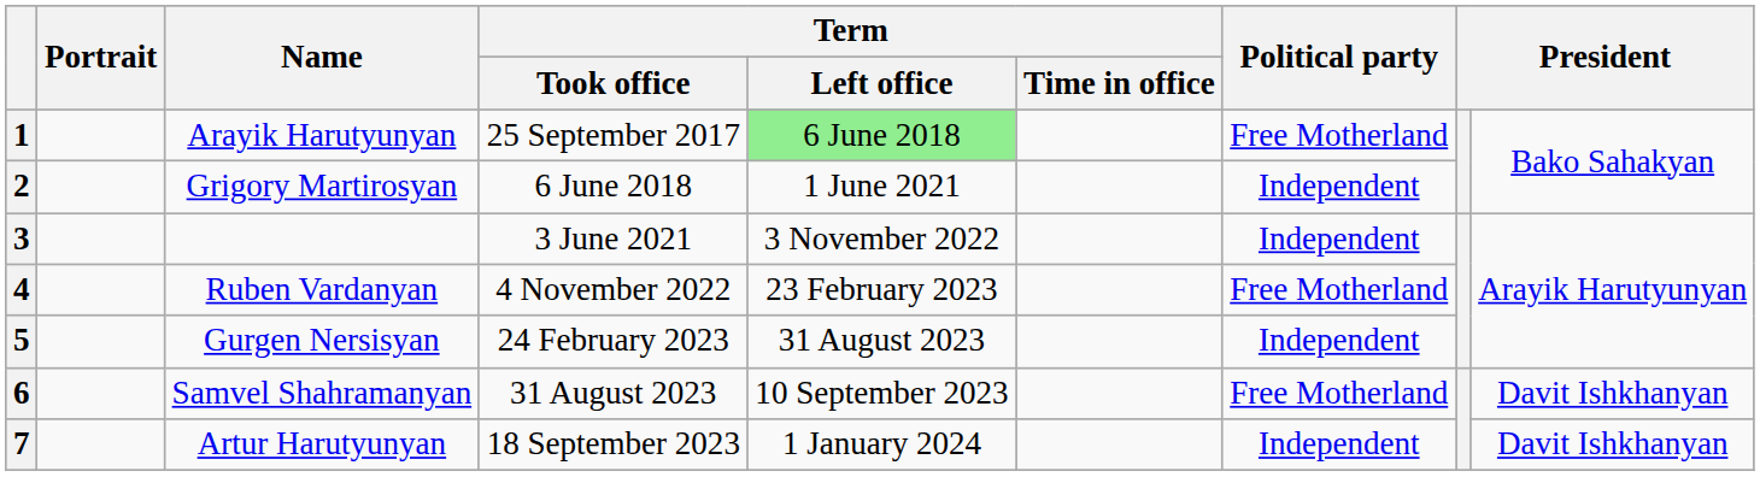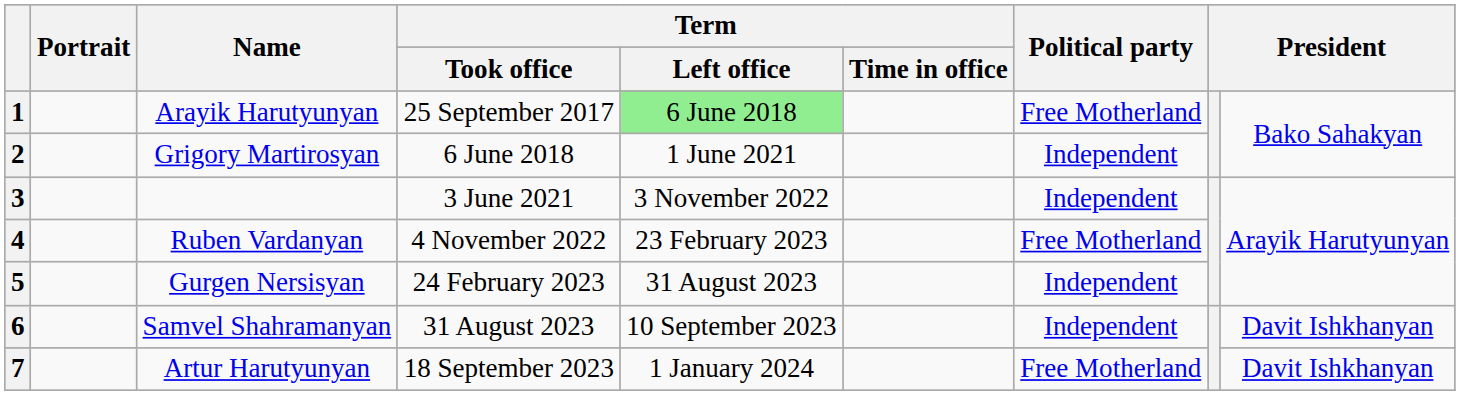 <table class="wikitable" style="text-align:center;">
 <tr>
 <th rowspan=2></th>
 <th rowspan=2>Portrait</th>
 <th rowspan=2>Name<br></th>
 <th colspan=3>Term</th>
 <th rowspan=2>Political party</th>
 <th rowspan=2 colspan=2>President</th>
 </tr>
 <tr>
 <th>Took office</th>
 <th>Left office</th>
 <th>Time in office</th>
 </tr>
 <tr>
 <th style="background:">1</th>
 <td></td>
 <td><a href='#'>Arayik Harutyunyan</a><br></td>
 <td>25 September 2017</td>
 <td style="background: lightgreen;">6 June 2018</td>
 <td></td>
 <td><a href='#'>Free Motherland</a></td>
 <th rowspan=2 style="background:"></th>
 <td rowspan=2><a href='#'>Bako Sahakyan</a><br></td>
 </tr>
 <tr>
 <th style="background:">2</th>
 <td></td>
 <td><a href='#'>Grigory Martirosyan</a><br></td>
 <td>6 June 2018</td>
 <td>1 June 2021</td>
 <td></td>
 <td><a href='#'>Independent</a></td>
 </tr>
 <tr>
 <th style="background:">3</th>
 <td></td>
 <td><br></td>
 <td>3 June 2021</td>
 <td>3 November 2022</td>
 <td></td>
 <td><a href='#'>Independent</a></td>
 <th rowspan=3 style="background:"></th>
 <td rowspan=3><a href='#'>Arayik Harutyunyan</a><br></td>
 </tr>
 <tr>
 <th style="background:">4</th>
 <td></td>
 <td><a href='#'>Ruben Vardanyan</a><br></td>
 <td>4 November 2022</td>
 <td>23 February 2023</td>
 <td></td>
 <td><a href='#'>Free Motherland</a></td>
 </tr>
 <tr>
 <th style="background:">5</th>
 <td></td>
 <td><a href='#'>Gurgen Nersisyan</a><br></td>
 <td>24 February 2023</td>
 <td>31 August 2023</td>
 <td></td>
 <td><a href='#'>Independent</a></td>
 </tr>
 <tr>
 <th style="background:">6</th>
 <td></td>
 <td><a href='#'>Samvel Shahramanyan</a><br></td>
 <td>31 August 2023</td>
 <td>10 September 2023</td>
 <td></td>
-<td><a href='#'>Free Motherland</a></td>
+<td><a href='#'>Independent</a></td>
 <th rowspan=2 style="background:"></th>
 <td><a href='#'>Davit Ishkhanyan</a></td>
 </tr>
 <tr>
 <th style="background:">7</th>
 <td></td>
 <td><a href='#'>Artur Harutyunyan</a><br></td>
 <td>18 September 2023</td>
 <td>1 January 2024</td>
 <td></td>
-<td><a href='#'>Independent</a></td>
+<td><a href='#'>Free Motherland</a></td>
 <td><a href='#'>Davit Ishkhanyan</a></td>
 </tr>
 </table>
